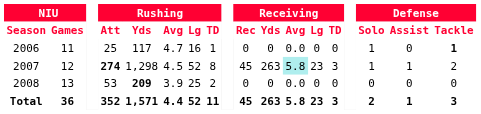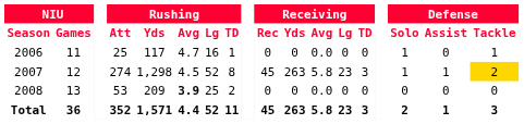 <table BORDER="0" CELLPADDING="3" CELLSPACING="0" ID="Table3" border="2">
 <tr ALIGN="center" bgcolor="#e0e0e0">
 <th ALIGN="center" colspan="2" style="background-color: #ff0033; color:white"> NIU</th>
 <th ALIGN="center" rowspan="99" bgcolor="white"> </th>
 <th ALIGN="center" colspan="5" style="background-color: #ff0033; color:white">Rushing</th>
 <th ALIGN="center" rowspan="99" bgcolor="white"> </th>
 <th ALIGN="center" colspan="5" style="background-color: #ff0033; color:white">Receiving</th>
 <th ALIGN="center" rowspan="99" bgcolor="white"> </th>
 <th ALIGN="center" colspan="3" style="background-color: #ff0033; color:white">Defense</th>
 </tr>
 <tr ALIGN="center" style="background-color:white; color:#ff0033">
 <th ALIGN="center">Season</th>
 <th ALIGN="center">Games</th>
 <th ALIGN="center">Att</th>
 <th ALIGN="center">Yds</th>
 <th ALIGN="center">Avg</th>
 <th ALIGN="center">Lg</th>
 <th ALIGN="center">TD</th>
 <th ALIGN="center">Rec</th>
 <th ALIGN="center">Yds</th>
 <th ALIGN="center">Avg</th>
 <th ALIGN="center">Lg</th>
 <th ALIGN="center">TD</th>
 <th ALIGN="center">Solo</th>
 <th ALIGN="center">Assist</th>
 <th ALIGN="center">Tackle</th>
 </tr>
 <tr ALIGN="center">
 <td ALIGN="center">2006</td>
 <td ALIGN="center">11</td>
 <td ALIGN="center">25</td>
 <td ALIGN="center">117</td>
 <td ALIGN="center">4.7</td>
 <td ALIGN="center">16</td>
 <td ALIGN="center">1</td>
 <td ALIGN="center">0</td>
 <td ALIGN="center">0</td>
 <td ALIGN="center">0.0</td>
 <td ALIGN="center">0</td>
 <td ALIGN="center">0</td>
 <td ALIGN="center">1</td>
 <td ALIGN="center">0</td>
-<td ALIGN="center"><strong>1</strong></td>
+<td ALIGN="center">1</td>
 </tr>
 <tr ALIGN="center">
 <td ALIGN="center">2007</td>
 <td ALIGN="center">12</td>
-<td ALIGN="center"><strong>274</strong></td>
+<td ALIGN="center">274</td>
 <td ALIGN="center">1,298</td>
 <td ALIGN="center">4.5</td>
 <td ALIGN="center">52</td>
 <td ALIGN="center">8</td>
 <td ALIGN="center">45</td>
 <td ALIGN="center">263</td>
-<td ALIGN="center" style="background: paleturquoise;">5.8</td>
+<td ALIGN="center">5.8</td>
 <td ALIGN="center">23</td>
 <td ALIGN="center">3</td>
 <td ALIGN="center">1</td>
 <td ALIGN="center">1</td>
-<td ALIGN="center">2</td>
+<td ALIGN="center" style="background: gold;">2</td>
 </tr>
 <tr ALIGN="center">
 <td ALIGN="center">2008</td>
 <td ALIGN="center">13</td>
 <td ALIGN="center">53</td>
-<td ALIGN="center"><strong>209</strong></td>
-<td ALIGN="center">3.9</td>
+<td ALIGN="center">209</td>
+<td ALIGN="center"><strong>3.9</strong></td>
 <td ALIGN="center">25</td>
 <td ALIGN="center">2</td>
 <td ALIGN="center">0</td>
 <td ALIGN="center">0</td>
 <td ALIGN="center">0.0</td>
 <td ALIGN="center">0</td>
 <td ALIGN="center">0</td>
 <td ALIGN="center">0</td>
 <td ALIGN="center">0</td>
 <td ALIGN="center">0</td>
 </tr>
 <tr ALIGN="center" bgcolor="#f0f0f0">
 </tr>
 <tr ALIGN="center">
 <th ALIGN="center">Total</th>
 <th ALIGN="center">36</th>
 <th ALIGN="center">352</th>
 <th ALIGN="center">1,571</th>
 <th ALIGN="center">4.4</th>
 <th ALIGN="center">52</th>
 <th ALIGN="center">11</th>
 <th ALIGN="center">45</th>
 <th ALIGN="center">263</th>
 <th ALIGN="center">5.8</th>
 <th ALIGN="center">23</th>
 <th ALIGN="center">3</th>
 <th ALIGN="center">2</th>
 <th ALIGN="center">1</th>
 <th ALIGN="center">3</th>
 </tr>
 <tr ALIGN="center" bgcolor="#f0f0f0">
 </tr>
 </table>
